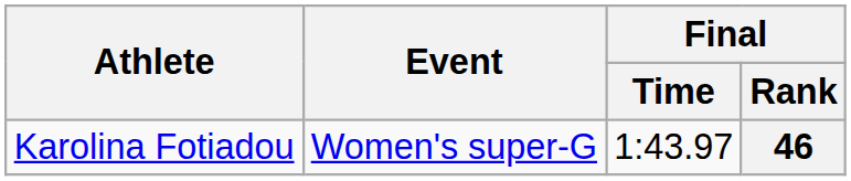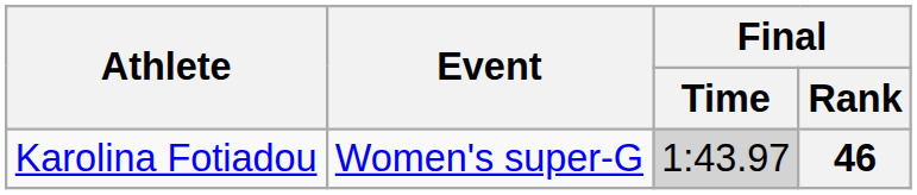 <table class="wikitable" style="font-size:90%">
 <tr>
 <th rowspan="2">Athlete</th>
 <th rowspan="2">Event</th>
 <th colspan="2">Final</th>
 </tr>
 <tr>
 <th>Time</th>
 <th>Rank</th>
 </tr>
 <tr>
 <td><a href='#'>Karolina Fotiadou</a></td>
 <td><a href='#'>Women's super-G</a></td>
-<td align="center">1:43.97</td>
+<td align="center" style="background: lightgrey;">1:43.97</td>
 <th align="center">46</th>
 </tr>
 </table>
